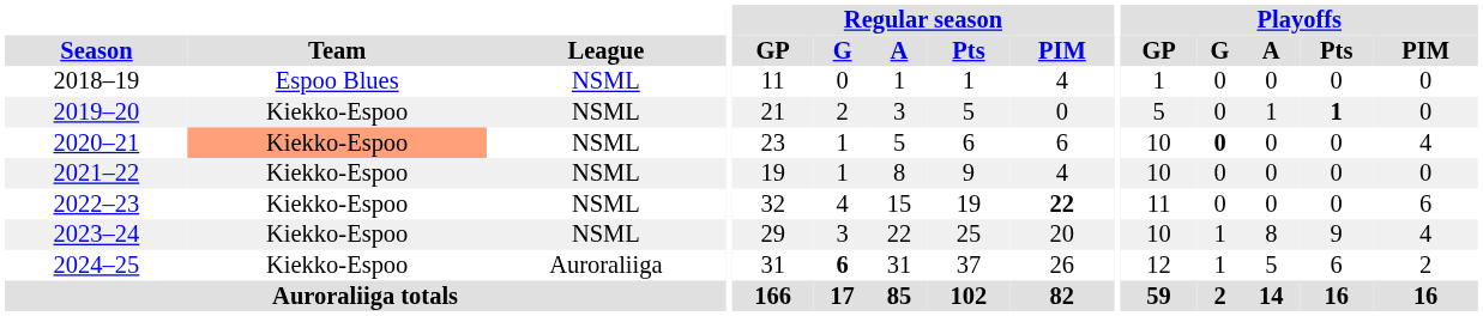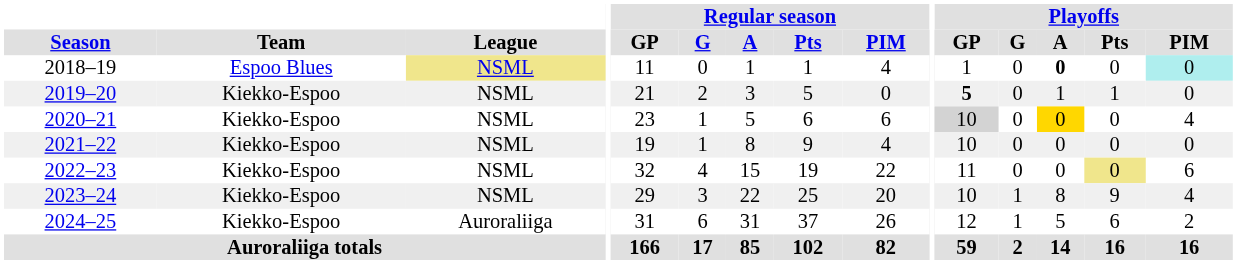 <table border="0" cellpadding="1" cellspacing="0" style="text-align:center; width:60em">
 <tr bgcolor="#e0e0e0">
 <th colspan="3" bgcolor="#ffffff"></th>
 <th rowspan="97" bgcolor="#ffffff"></th>
 <th colspan="5"><a href='#'>Regular season</a></th>
 <th rowspan="97" bgcolor="#ffffff"></th>
 <th colspan="5"><a href='#'>Playoffs</a></th>
 </tr>
 <tr bgcolor="#e0e0e0">
 <th><a href='#'>Season</a></th>
 <th>Team</th>
 <th>League</th>
 <th>GP</th>
 <th><a href='#'>G</a></th>
 <th><a href='#'>A</a></th>
 <th><a href='#'>Pts</a></th>
 <th><a href='#'>PIM</a></th>
 <th>GP</th>
 <th>G</th>
 <th>A</th>
 <th>Pts</th>
 <th>PIM</th>
 </tr>
 <tr>
 <td>2018–19</td>
 <td><a href='#'>Espoo Blues</a></td>
-<td><a href='#'>NSML</a></td>
+<td style="background: khaki;"><a href='#'>NSML</a></td>
 <td>11</td>
 <td>0</td>
 <td>1</td>
 <td>1</td>
 <td>4</td>
 <td>1</td>
 <td>0</td>
+<td><strong>0</strong></td>
 <td>0</td>
-<td>0</td>
-<td>0</td>
+<td style="background: paleturquoise;">0</td>
 </tr>
 <tr bgcolor="#f0f0f0">
 <td><a href='#'>2019–20</a></td>
 <td>Kiekko-Espoo</td>
 <td>NSML</td>
 <td>21</td>
 <td>2</td>
 <td>3</td>
 <td>5</td>
 <td>0</td>
-<td>5</td>
+<td><strong>5</strong></td>
 <td>0</td>
 <td>1</td>
-<td><strong>1</strong></td>
+<td>1</td>
 <td>0</td>
 </tr>
 <tr>
 <td><a href='#'>2020–21</a></td>
-<td style="background: lightsalmon;">Kiekko-Espoo</td>
+<td>Kiekko-Espoo</td>
 <td>NSML</td>
 <td>23</td>
 <td>1</td>
 <td>5</td>
 <td>6</td>
 <td>6</td>
-<td>10</td>
-<td><strong>0</strong></td>
+<td style="background: lightgrey;">10</td>
 <td>0</td>
+<td style="background: gold;">0</td>
 <td>0</td>
 <td>4</td>
 </tr>
 <tr bgcolor="#f0f0f0">
 <td><a href='#'>2021–22</a></td>
 <td>Kiekko-Espoo</td>
 <td>NSML</td>
 <td>19</td>
 <td>1</td>
 <td>8</td>
 <td>9</td>
 <td>4</td>
 <td>10</td>
 <td>0</td>
 <td>0</td>
 <td>0</td>
 <td>0</td>
 </tr>
 <tr>
 <td><a href='#'>2022–23</a></td>
 <td>Kiekko-Espoo</td>
 <td>NSML</td>
 <td>32</td>
 <td>4</td>
 <td>15</td>
 <td>19</td>
-<td><strong>22</strong></td>
+<td>22</td>
 <td>11</td>
 <td>0</td>
 <td>0</td>
-<td>0</td>
+<td style="background: khaki;">0</td>
 <td>6</td>
 </tr>
 <tr bgcolor="#f0f0f0">
 <td><a href='#'>2023–24</a></td>
 <td>Kiekko-Espoo</td>
 <td>NSML</td>
 <td>29</td>
 <td>3</td>
 <td>22</td>
 <td>25</td>
 <td>20</td>
 <td>10</td>
 <td>1</td>
 <td>8</td>
 <td>9</td>
 <td>4</td>
 </tr>
 <tr>
 <td><a href='#'>2024–25</a></td>
 <td>Kiekko-Espoo</td>
 <td>Auroraliiga</td>
 <td>31</td>
-<td><strong>6</strong></td>
+<td>6</td>
 <td>31</td>
 <td>37</td>
 <td>26</td>
 <td>12</td>
 <td>1</td>
 <td>5</td>
 <td>6</td>
 <td>2</td>
 </tr>
 <tr bgcolor="#e0e0e0">
 <th colspan="3">Auroraliiga totals</th>
 <th>166</th>
 <th>17</th>
 <th>85</th>
 <th>102</th>
 <th>82</th>
 <th>59</th>
 <th>2</th>
 <th>14</th>
 <th>16</th>
 <th>16</th>
 </tr>
 </table>
